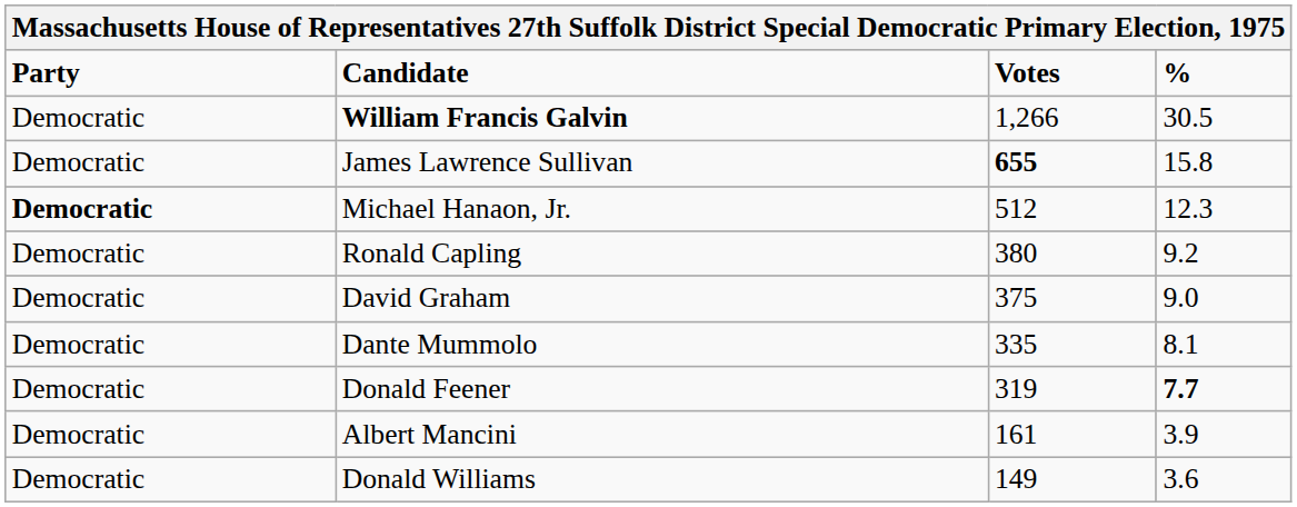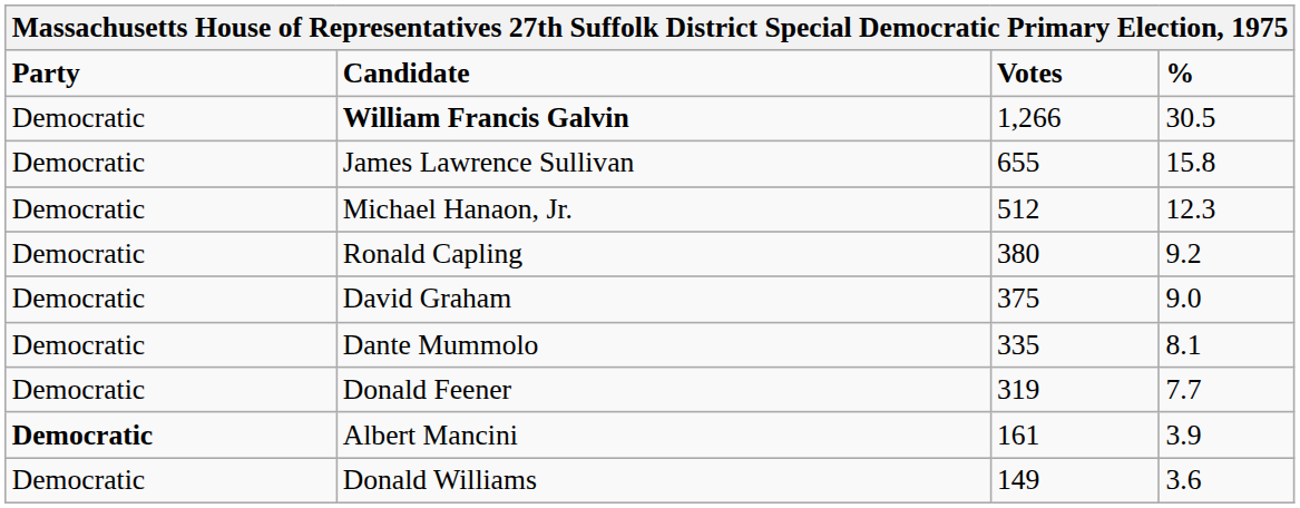 <table class="wikitable">
 <tr>
 <th colspan="4">Massachusetts House of Representatives 27th Suffolk District Special Democratic Primary Election, 1975</th>
 </tr>
 <tr>
 <td><strong>Party</strong></td>
 <td><strong>Candidate</strong></td>
 <td><strong>Votes</strong></td>
 <td><strong>%</strong></td>
 </tr>
 <tr>
 <td>Democratic</td>
 <td><strong>William Francis Galvin</strong></td>
 <td>1,266</td>
 <td>30.5</td>
 </tr>
 <tr>
 <td>Democratic</td>
 <td>James Lawrence Sullivan</td>
-<td><strong>655</strong></td>
+<td>655</td>
 <td>15.8</td>
 </tr>
 <tr>
-<td><strong>Democratic</strong></td>
+<td>Democratic</td>
 <td>Michael Hanaon, Jr.</td>
 <td>512</td>
 <td>12.3</td>
 </tr>
 <tr>
 <td>Democratic</td>
 <td>Ronald Capling</td>
 <td>380</td>
 <td>9.2</td>
 </tr>
 <tr>
 <td>Democratic</td>
 <td>David Graham</td>
 <td>375</td>
 <td>9.0</td>
 </tr>
 <tr>
 <td>Democratic</td>
 <td>Dante Mummolo</td>
 <td>335</td>
 <td>8.1</td>
 </tr>
 <tr>
 <td>Democratic</td>
 <td>Donald Feener</td>
 <td>319</td>
-<td><strong>7.7</strong></td>
+<td>7.7</td>
 </tr>
 <tr>
-<td>Democratic</td>
+<td><strong>Democratic</strong></td>
 <td>Albert Mancini</td>
 <td>161</td>
 <td>3.9</td>
 </tr>
 <tr>
 <td>Democratic</td>
 <td>Donald Williams</td>
 <td>149</td>
 <td>3.6</td>
 </tr>
 </table>
